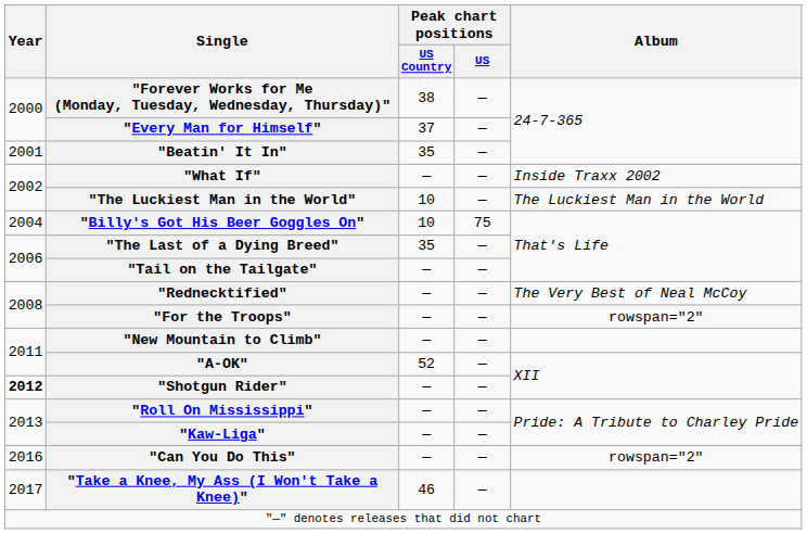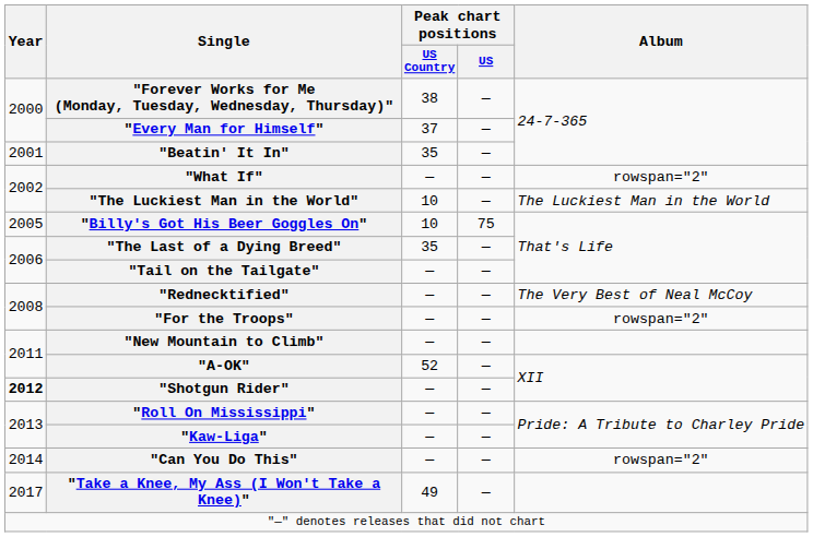 <table class="wikitable plainrowheaders" style="text-align:center;">
 <tr>
 <th rowspan="2">Year</th>
 <th rowspan="2" style="width:24em;">Single</th>
 <th colspan="2">Peak chart<br>positions</th>
 <th rowspan="2">Album</th>
 </tr>
 <tr style="font-size:smaller;">
 <th width="45"><a href='#'>US Country</a><br></th>
 <th width="45"><a href='#'>US</a><br></th>
 </tr>
 <tr>
 <td rowspan="2">2000</td>
 <th scope="row">"Forever Works for Me<br>(Monday, Tuesday, Wednesday, Thursday)"</th>
 <td>38</td>
 <td>—</td>
 <td align="left" rowspan="3"><em>24-7-365</em></td>
 </tr>
 <tr>
 <th scope="row">"<a href='#'>Every Man for Himself</a>"</th>
 <td>37</td>
 <td>—</td>
 </tr>
 <tr>
 <td>2001</td>
 <th scope="row">"Beatin' It In"</th>
 <td>35</td>
 <td>—</td>
 </tr>
 <tr>
 <td rowspan="2">2002</td>
 <th scope="row">"What If"</th>
 <td>—</td>
 <td>—</td>
-<td align="left"><em>Inside Traxx 2002</em></td>
+<td>rowspan="2" </td>
 </tr>
 <tr>
 <th scope="row">"The Luckiest Man in the World"</th>
 <td>10</td>
 <td>—</td>
 <td align="left"><em>The Luckiest Man in the World</em> </td>
 </tr>
 <tr>
-<td>2004</td>
+<td>2005</td>
 <th scope="row">"<a href='#'>Billy's Got His Beer Goggles On</a>"</th>
 <td>10</td>
 <td>75</td>
 <td align="left" rowspan="3"><em>That's Life</em></td>
 </tr>
 <tr>
 <td rowspan="2">2006</td>
 <th scope="row">"The Last of a Dying Breed"</th>
 <td>35</td>
 <td>—</td>
 </tr>
 <tr>
 <th scope="row">"Tail on the Tailgate"</th>
 <td>—</td>
 <td>—</td>
 </tr>
 <tr>
 <td rowspan="2">2008</td>
 <th scope="row">"Rednecktified"</th>
 <td>—</td>
 <td>—</td>
 <td align="left"><em>The Very Best of Neal McCoy</em></td>
 </tr>
 <tr>
 <th scope="row">"For the Troops"</th>
 <td>—</td>
 <td>—</td>
 <td>rowspan="2" </td>
 </tr>
 <tr>
 <td rowspan="2">2011</td>
 <th scope="row">"New Mountain to Climb"</th>
 <td>—</td>
 <td>—</td>
 </tr>
 <tr>
 <th scope="row">"A-OK"</th>
 <td>52</td>
 <td>—</td>
 <td align="left" rowspan="2"><em>XII</em></td>
 </tr>
 <tr>
 <td><strong>2012</strong></td>
 <th scope="row">"Shotgun Rider"</th>
 <td>—</td>
 <td>—</td>
 </tr>
 <tr>
 <td rowspan="2">2013</td>
 <th scope="row">"<a href='#'>Roll On Mississippi</a>" </th>
 <td>—</td>
 <td>—</td>
 <td align="left" rowspan="2"><em>Pride: A Tribute to Charley Pride</em></td>
 </tr>
 <tr>
 <th scope="row">"<a href='#'>Kaw-Liga</a>"</th>
 <td>—</td>
 <td>—</td>
 </tr>
 <tr>
-<td>2016</td>
+<td>2014</td>
 <th scope="row">"Can You Do This"</th>
 <td>—</td>
 <td>—</td>
 <td>rowspan="2" </td>
 </tr>
 <tr>
 <td>2017</td>
 <th scope="row">"<a href='#'>Take a Knee, My Ass (I Won't Take a Knee)</a>"</th>
-<td>46</td>
+<td>49</td>
 <td>—</td>
 </tr>
 <tr>
 <td colspan="5" style="font-size:8pt">"—" denotes releases that did not chart</td>
 </tr>
 </table>
